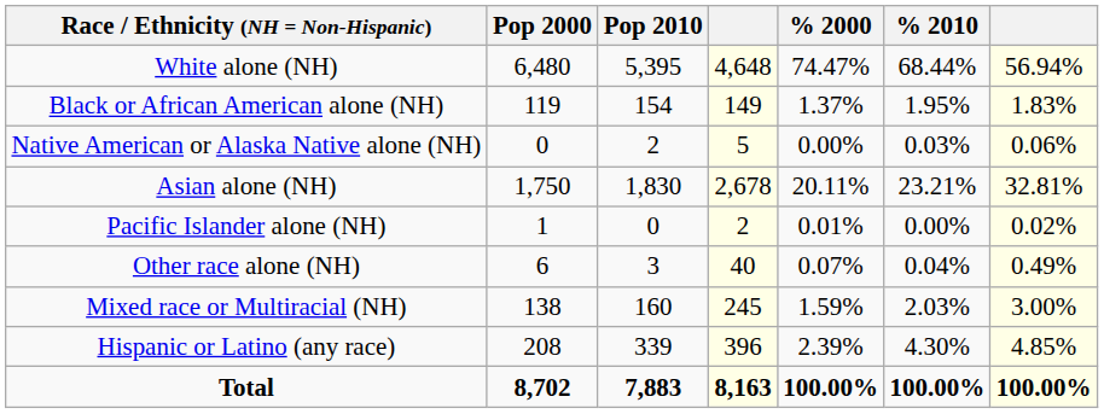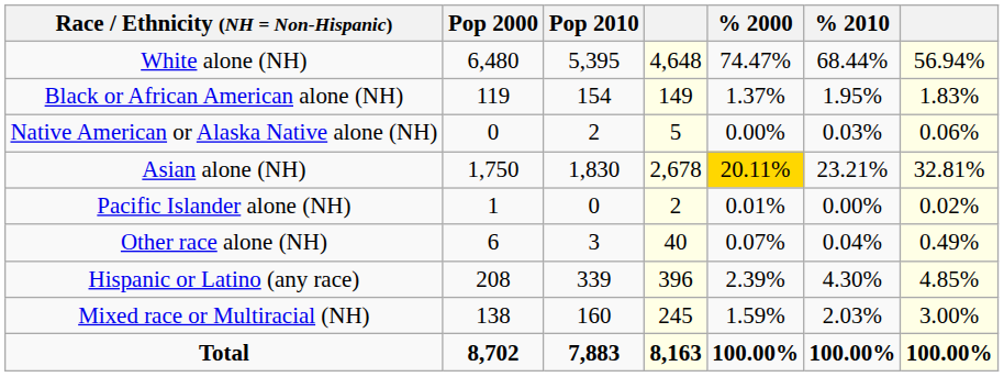 <table class="wikitable" style="text-align:center;">
 <tr>
 <th>Race / Ethnicity <small>(<em>NH = Non-Hispanic</em>)</small></th>
 <th>Pop 2000</th>
 <th>Pop 2010</th>
 <th></th>
 <th>% 2000</th>
 <th>% 2010</th>
 <th></th>
 </tr>
 <tr>
 <td><a href='#'>White</a> alone (NH)</td>
 <td>6,480</td>
 <td>5,395</td>
 <td style='background: #ffffe6;'>4,648</td>
 <td>74.47%</td>
 <td>68.44%</td>
 <td style='background: #ffffe6;'>56.94%</td>
 </tr>
 <tr>
 <td><a href='#'>Black or African American</a> alone (NH)</td>
 <td>119</td>
 <td>154</td>
 <td style='background: #ffffe6;'>149</td>
 <td>1.37%</td>
 <td>1.95%</td>
 <td style='background: #ffffe6;'>1.83%</td>
 </tr>
 <tr>
 <td><a href='#'>Native American</a> or <a href='#'>Alaska Native</a> alone (NH)</td>
 <td>0</td>
 <td>2</td>
 <td style='background: #ffffe6;'>5</td>
 <td>0.00%</td>
 <td>0.03%</td>
 <td style='background: #ffffe6;'>0.06%</td>
 </tr>
 <tr>
 <td><a href='#'>Asian</a> alone (NH)</td>
 <td>1,750</td>
 <td>1,830</td>
 <td style='background: #ffffe6;'>2,678</td>
-<td>20.11%</td>
+<td style="background: gold;">20.11%</td>
 <td>23.21%</td>
 <td style='background: #ffffe6;'>32.81%</td>
 </tr>
 <tr>
 <td><a href='#'>Pacific Islander</a> alone (NH)</td>
 <td>1</td>
 <td>0</td>
 <td style='background: #ffffe6;'>2</td>
 <td>0.01%</td>
 <td>0.00%</td>
 <td style='background: #ffffe6;'>0.02%</td>
 </tr>
 <tr>
 <td><a href='#'>Other race</a> alone (NH)</td>
 <td>6</td>
 <td>3</td>
 <td style='background: #ffffe6;'>40</td>
 <td>0.07%</td>
 <td>0.04%</td>
 <td style='background: #ffffe6;'>0.49%</td>
 </tr>
 <tr>
+<td><a href='#'>Hispanic or Latino</a> (any race)</td>
+<td>208</td>
+<td>339</td>
+<td style='background: #ffffe6;'>396</td>
+<td>2.39%</td>
+<td>4.30%</td>
+<td style='background: #ffffe6;'>4.85%</td>
+</tr>
+<tr>
 <td><a href='#'>Mixed race or Multiracial</a> (NH)</td>
 <td>138</td>
 <td>160</td>
 <td style='background: #ffffe6;'>245</td>
 <td>1.59%</td>
 <td>2.03%</td>
 <td style='background: #ffffe6;'>3.00%</td>
-</tr>
-<tr>
-<td><a href='#'>Hispanic or Latino</a> (any race)</td>
-<td>208</td>
-<td>339</td>
-<td style='background: #ffffe6;'>396</td>
-<td>2.39%</td>
-<td>4.30%</td>
-<td style='background: #ffffe6;'>4.85%</td>
 </tr>
 <tr>
 <td><strong>Total</strong></td>
 <td><strong>8,702</strong></td>
 <td><strong>7,883</strong></td>
 <td style='background: #ffffe6;'><strong>8,163</strong></td>
 <td><strong>100.00%</strong></td>
 <td><strong>100.00%</strong></td>
 <td style='background: #ffffe6;'><strong>100.00%</strong></td>
 </tr>
 </table>
